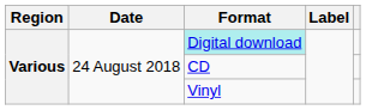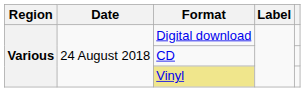 <table class="wikitable plainrowheaders">
 <tr>
 <th>Region</th>
 <th>Date</th>
 <th>Format</th>
 <th>Label</th>
 <th></th>
 </tr>
 <tr>
 <th scope="row" rowspan="3">Various</th>
 <td rowspan="3">24 August 2018</td>
-<td style="background: paleturquoise;"><a href='#'>Digital download</a></td>
+<td><a href='#'>Digital download</a></td>
 <td rowspan="3"></td>
 <td></td>
 </tr>
 <tr>
 <td><a href='#'>CD</a></td>
 <td></td>
 </tr>
 <tr>
-<td><a href='#'>Vinyl</a></td>
+<td style="background: khaki;"><a href='#'>Vinyl</a></td>
 <td></td>
 </tr>
 </table>
